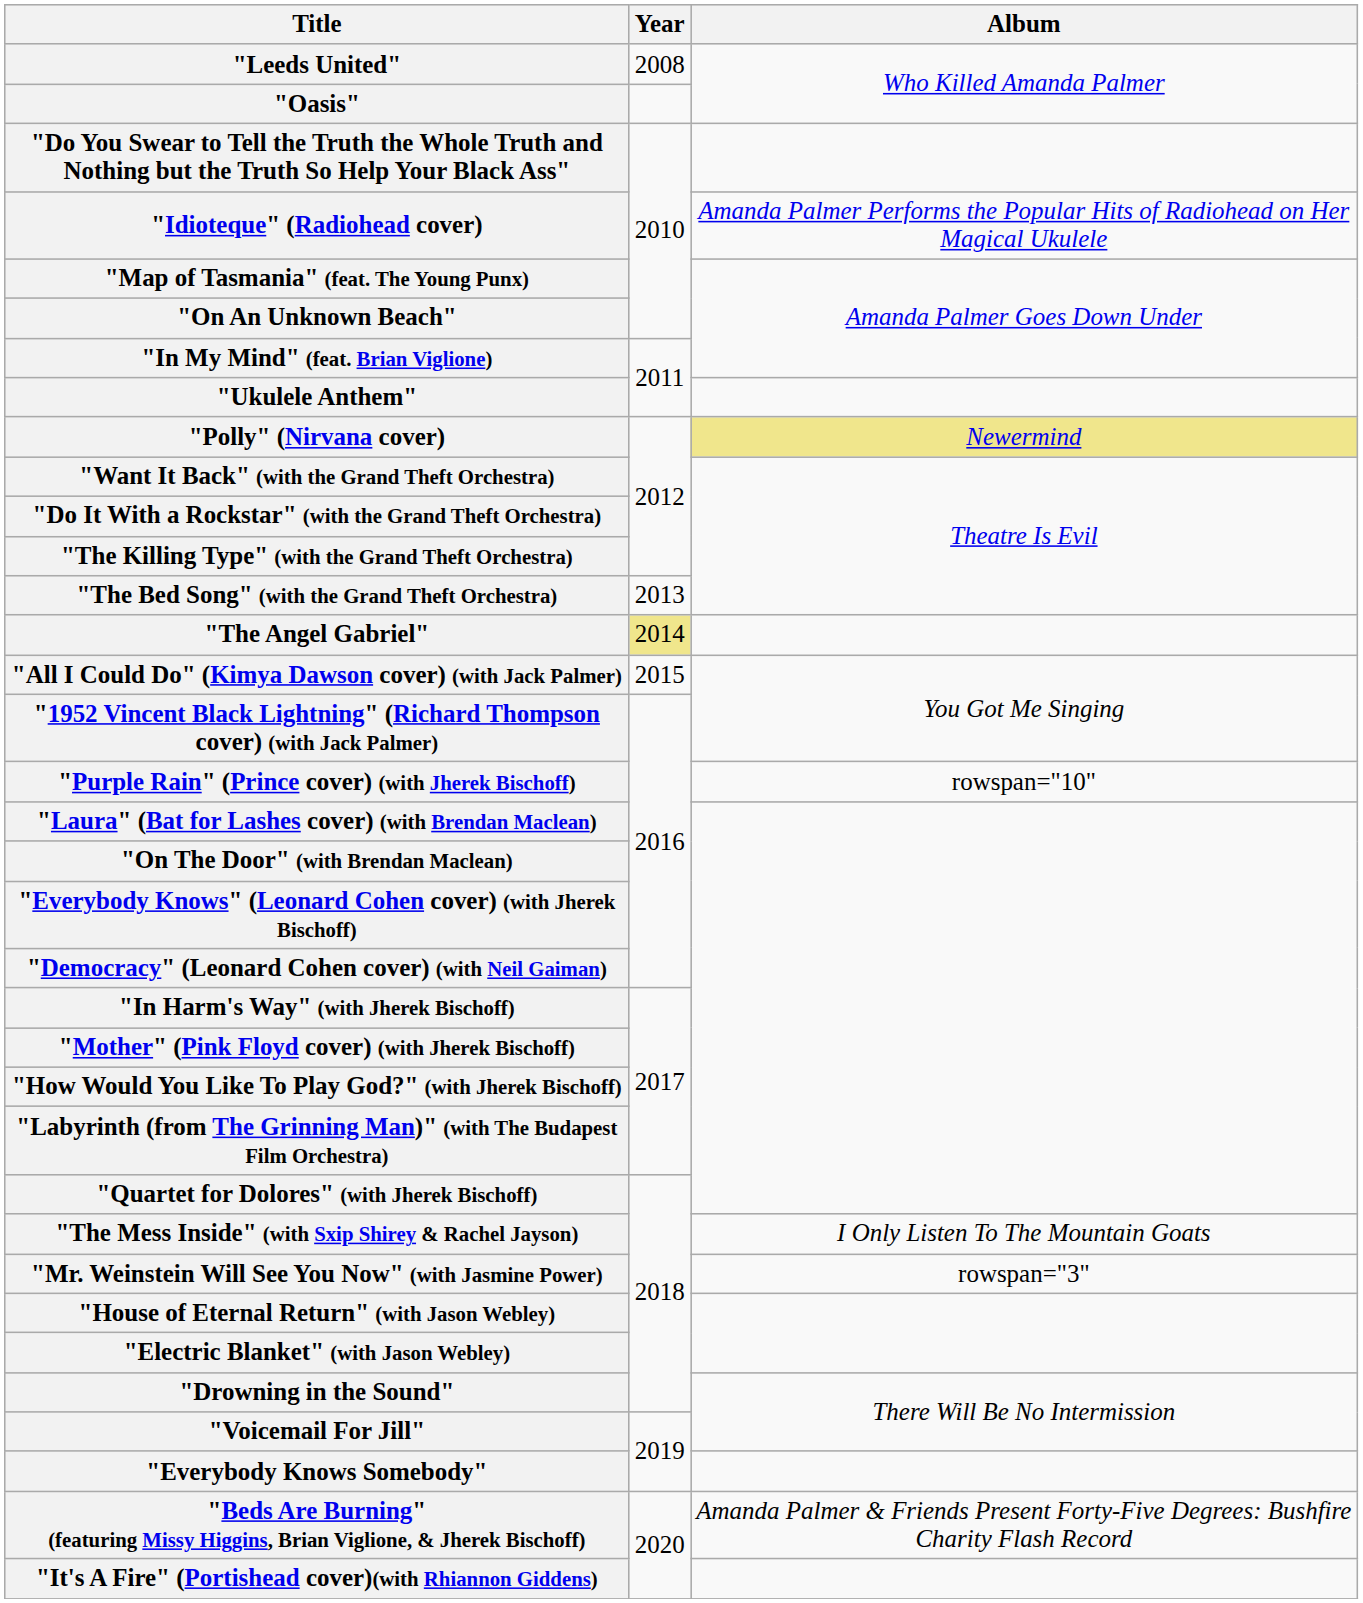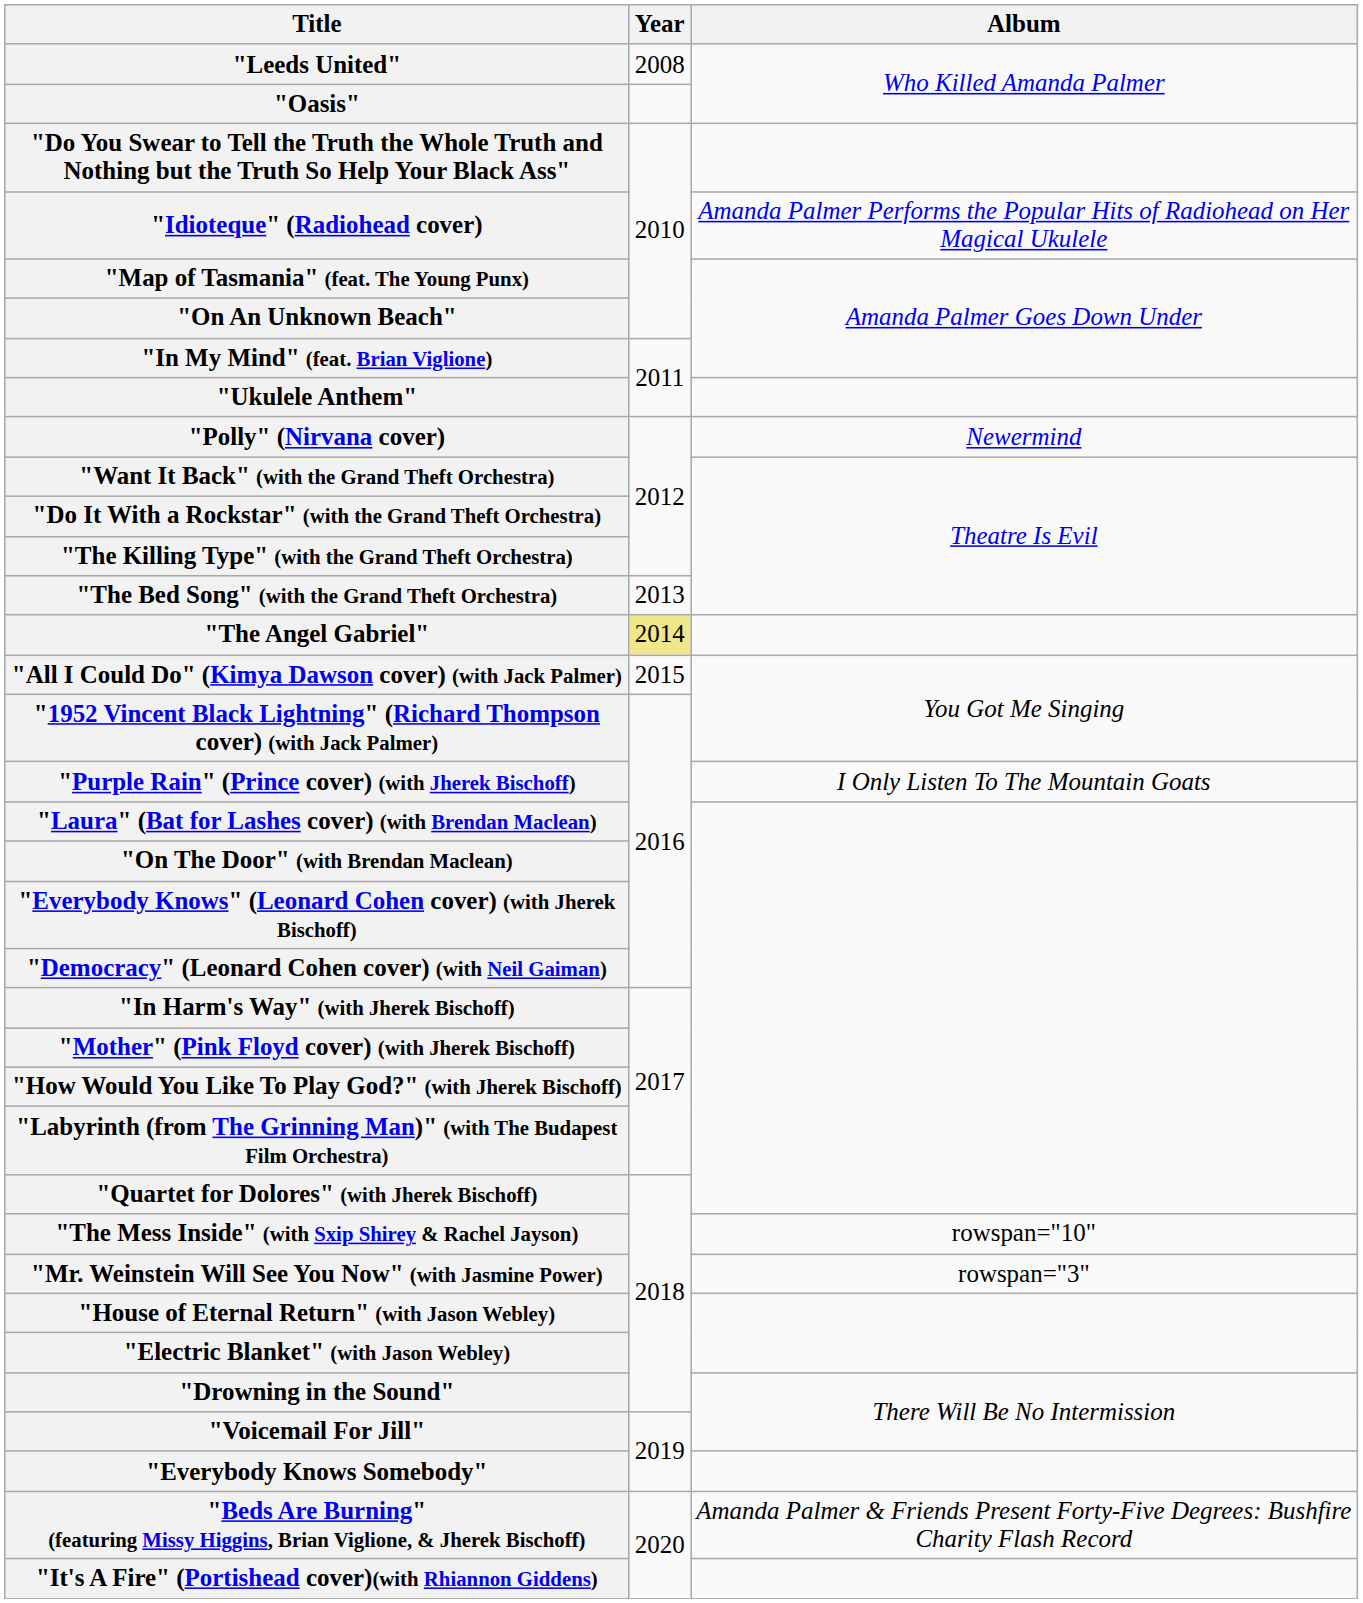 <table class="wikitable plainrowheaders" style="text-align:center;">
 <tr>
 <th scope="col" rowspan="1">Title</th>
 <th scope="col" rowspan="1">Year</th>
 <th scope="col" rowspan="1">Album</th>
 </tr>
 <tr>
 <th scope="row">"Leeds United"</th>
 <td>2008</td>
 <td rowspan="2"><em><a href='#'>Who Killed Amanda Palmer</a></em></td>
 </tr>
 <tr>
 <th scope="row">"Oasis"</th>
 </tr>
 <tr>
 <th scope="row">"Do You Swear to Tell the Truth the Whole Truth and<br>Nothing but the Truth So Help Your Black Ass"</th>
 <td rowspan="4">2010</td>
 <td></td>
 </tr>
 <tr>
 <th scope="row">"<a href='#'>Idioteque</a>" (<a href='#'>Radiohead</a> cover)</th>
 <td><em><a href='#'>Amanda Palmer Performs the Popular Hits of Radiohead on Her Magical Ukulele</a></em></td>
 </tr>
 <tr>
 <th scope="row">"Map of Tasmania" <small>(feat. The Young Punx)</small></th>
 <td rowspan="3"><em><a href='#'>Amanda Palmer Goes Down Under</a></em></td>
 </tr>
 <tr>
 <th scope="row">"On An Unknown Beach"</th>
 </tr>
 <tr>
 <th scope="row">"In My Mind" <small>(feat. <a href='#'>Brian Viglione</a>)</small></th>
 <td rowspan="2">2011</td>
 </tr>
 <tr>
 <th scope="row">"Ukulele Anthem" </th>
 <td></td>
 </tr>
 <tr>
 <th scope="row">"Polly" (<a href='#'>Nirvana</a> cover)</th>
 <td rowspan="4">2012</td>
-<td style="background: khaki;"><em><a href='#'>Newermind</a></em></td>
+<td><em><a href='#'>Newermind</a></em></td>
 </tr>
 <tr>
 <th scope="row">"Want It Back" <small>(with the Grand Theft Orchestra)</small></th>
 <td rowspan="4"><em><a href='#'>Theatre Is Evil</a></em></td>
 </tr>
 <tr>
 <th scope="row">"Do It With a Rockstar" <small>(with the Grand Theft Orchestra)</small></th>
 </tr>
 <tr>
 <th scope="row">"The Killing Type" <small>(with the Grand Theft Orchestra)</small></th>
 </tr>
 <tr>
 <th scope="row">"The Bed Song" <small>(with the Grand Theft Orchestra)</small></th>
 <td>2013</td>
 </tr>
 <tr>
 <th scope="row">"The Angel Gabriel"</th>
 <td style="background: khaki;">2014</td>
 <td></td>
 </tr>
 <tr>
 <th scope="row">"All I Could Do" (<a href='#'>Kimya Dawson</a> cover) <small>(with Jack Palmer)</small></th>
 <td>2015</td>
 <td rowspan="2"><em>You Got Me Singing</em></td>
 </tr>
 <tr>
 <th scope="row">"<a href='#'>1952 Vincent Black Lightning</a>" (<a href='#'>Richard Thompson</a> cover) <small>(with Jack Palmer)</small></th>
 <td rowspan="6">2016</td>
 </tr>
 <tr>
 <th scope="row">"<a href='#'>Purple Rain</a>" (<a href='#'>Prince</a> cover) <small>(with <a href='#'>Jherek Bischoff</a>)</small></th>
-<td>rowspan="10" </td>
+<td><em>I Only Listen To The Mountain Goats</em></td>
 </tr>
 <tr>
 <th scope="row">"<a href='#'>Laura</a>" (<a href='#'>Bat for Lashes</a> cover) <small>(with <a href='#'>Brendan Maclean</a>)</small></th>
 </tr>
 <tr>
 <th scope="row">"On The Door" <small>(with Brendan Maclean)</small></th>
 </tr>
 <tr>
 <th scope="row">"<a href='#'>Everybody Knows</a>" (<a href='#'>Leonard Cohen</a> cover) <small>(with Jherek Bischoff)</small></th>
 </tr>
 <tr>
 <th scope="row">"<a href='#'>Democracy</a>" (Leonard Cohen cover) <small>(with <a href='#'>Neil Gaiman</a>)</small></th>
 </tr>
 <tr>
 <th scope="row">"In Harm's Way" <small>(with Jherek Bischoff)</small></th>
 <td rowspan="4">2017</td>
 </tr>
 <tr>
 <th scope="row">"<a href='#'>Mother</a>" (<a href='#'>Pink Floyd</a> cover) <small>(with Jherek Bischoff)</small></th>
 </tr>
 <tr>
 <th scope="row">"How Would You Like To Play God?" <small>(with Jherek Bischoff)</small></th>
 </tr>
 <tr>
 <th scope="row">"Labyrinth (from <a href='#'>The Grinning Man</a>)" <small>(with The Budapest Film Orchestra)</small></th>
 </tr>
 <tr>
 <th scope="row">"Quartet for Dolores" <small>(with Jherek Bischoff)</small></th>
 <td rowspan="6">2018</td>
 </tr>
 <tr>
 <th scope="row">"The Mess Inside" <small>(with <a href='#'>Sxip Shirey</a> & Rachel Jayson)</small></th>
-<td><em>I Only Listen To The Mountain Goats</em></td>
+<td>rowspan="10" </td>
 </tr>
 <tr>
 <th scope="row">"Mr. Weinstein Will See You Now" <small>(with Jasmine Power)</small></th>
 <td>rowspan="3" </td>
 </tr>
 <tr>
 <th scope="row">"House of Eternal Return" <small>(with Jason Webley)</small></th>
 </tr>
 <tr>
 <th scope="row">"Electric Blanket" <small>(with Jason Webley)</small></th>
 </tr>
 <tr>
 <th scope="row">"Drowning in the Sound"</th>
 <td rowspan="2"><em>There Will Be No Intermission</em></td>
 </tr>
 <tr>
 <th scope="row">"Voicemail For Jill"</th>
 <td rowspan="2">2019</td>
 </tr>
 <tr>
 <th scope="row">"Everybody Knows Somebody"</th>
 <td></td>
 </tr>
 <tr>
 <th scope="row">"<a href='#'>Beds Are Burning</a>"<br><small>(featuring <a href='#'>Missy Higgins</a>, Brian Viglione, & Jherek Bischoff)</small></th>
 <td rowspan="2">2020</td>
 <td><em>Amanda Palmer & Friends Present Forty-Five Degrees: Bushfire Charity Flash Record</em></td>
 </tr>
 <tr>
 <th scope="row">"It's A Fire" (<a href='#'>Portishead</a> cover)<small>(with <a href='#'>Rhiannon Giddens</a>)</small></th>
 <td></td>
 </tr>
 <tr>
 </tr>
 </table>
